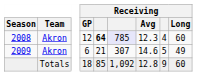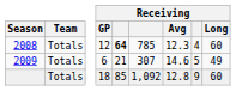 <table class="wikitable" style="text-align:center">
 <tr>
 <th colspan=2 style="background:#fff; border-color:#fff #fff #aaa #fff"> </th>
 <th rowspan=99 style="background:#fff; border-color:#fff #aaa"> </th>
 <th colspan=6>Receiving</th>
 </tr>
 <tr>
 <th>Season</th>
 <th>Team</th>
 <th>GP</th>
 <th align="center"></th>
 <th></th>
 <th>Avg</th>
 <th></th>
 <th>Long</th>
 </tr>
 <tr>
 <td><a href='#'>2008</a></td>
-<td><a href='#'>Akron</a></td>
+<td>Totals</td>
 <td>12</td>
 <td><strong>64</strong></td>
-<td style="background: lavender;">785</td>
+<td>785</td>
 <td>12.3</td>
 <td>4</td>
 <td>60</td>
 </tr>
 <tr>
 <td><a href='#'>2009</a></td>
-<td><a href='#'>Akron</a></td>
+<td>Totals</td>
 <td>6</td>
 <td>21</td>
 <td>307</td>
 <td>14.6</td>
 <td>5</td>
 <td>49</td>
 </tr>
 <tr style="background:#f0f0f0;">
 <td></td>
 <td>Totals</td>
 <td>18</td>
 <td>85</td>
 <td>1,092</td>
 <td>12.8</td>
 <td>9</td>
 <td>60</td>
 </tr>
 </table>
